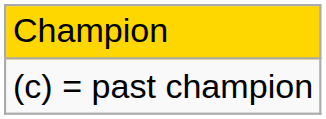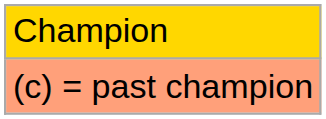 <table class="wikitable">
 <tr style="background:gold">
 <td>Champion</td>
 </tr>
 <tr>
-<td>(c) = past champion</td>
+<td style="background: lightsalmon;">(c) = past champion</td>
 </tr>
 </table>
